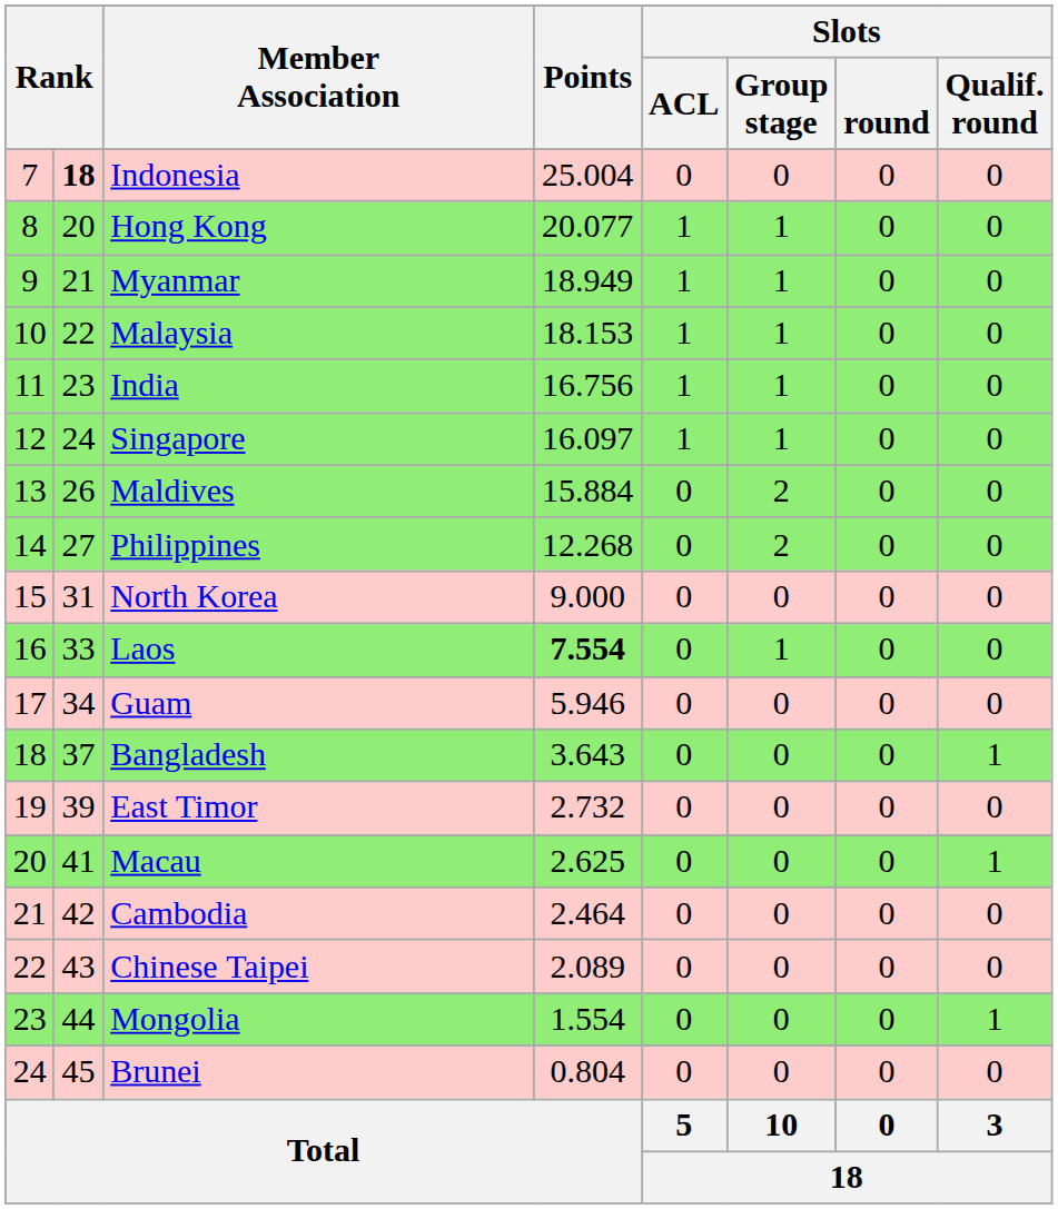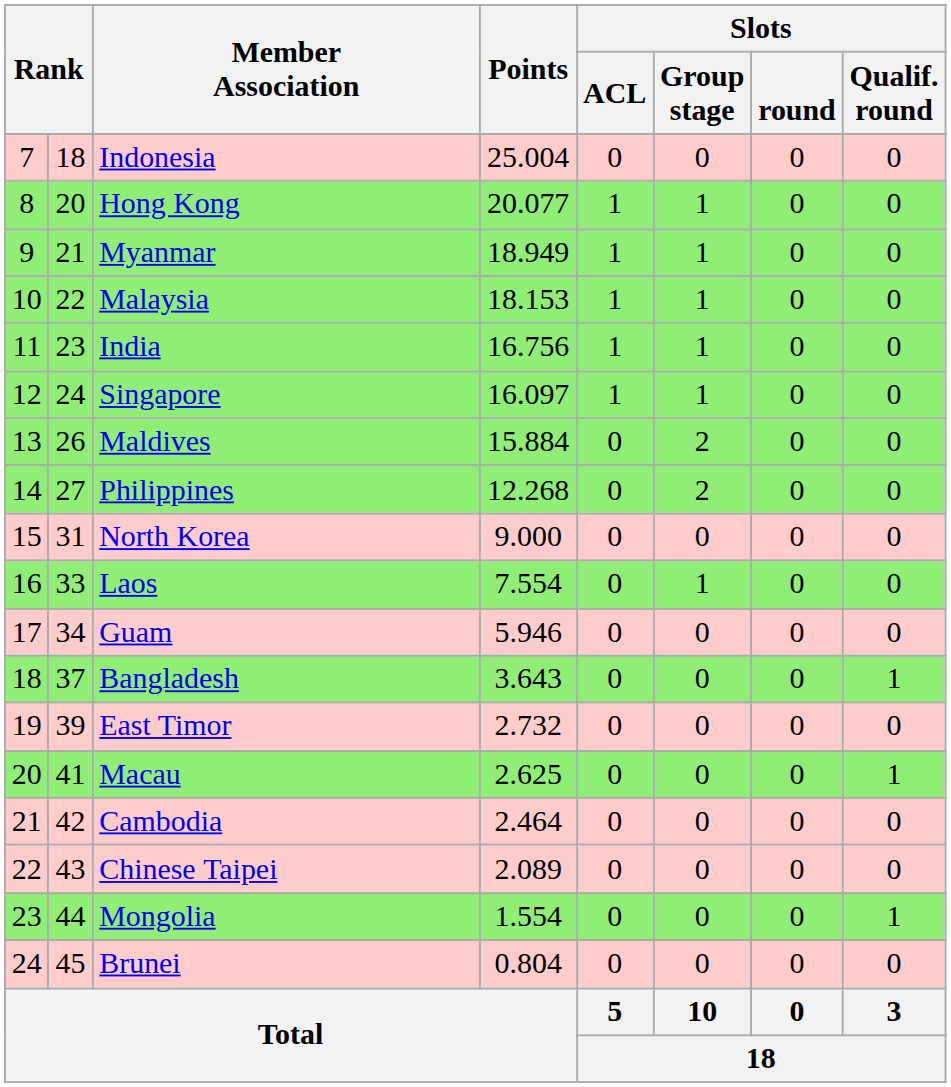 <table class="wikitable" style="text-align:center">
 <tr>
 </tr>
 <tr>
 <th colspan=2 rowspan=2>Rank</th>
 <th rowspan=2 width=200>Member<br>Association</th>
 <th rowspan=2>Points</th>
 <th colspan=4>Slots</th>
 </tr>
 <tr>
 <th>ACL<br></th>
 <th>Group<br>stage</th>
 <th><br>round</th>
 <th>Qualif.<br>round</th>
 </tr>
 <tr bgcolor=#ffcccc>
 <td>7</td>
-<td><strong>18</strong></td>
+<td>18</td>
 <td align=left> <a href='#'>Indonesia</a></td>
 <td>25.004</td>
 <td>0</td>
 <td>0</td>
 <td>0</td>
 <td>0</td>
 </tr>
 <tr bgcolor=#90ee77>
 <td>8</td>
 <td>20</td>
 <td align=left> <a href='#'>Hong Kong</a></td>
 <td>20.077</td>
 <td>1</td>
 <td>1</td>
 <td>0</td>
 <td>0</td>
 </tr>
 <tr bgcolor=#90ee77>
 <td>9</td>
 <td>21</td>
 <td align=left> <a href='#'>Myanmar</a></td>
 <td>18.949</td>
 <td>1</td>
 <td>1</td>
 <td>0</td>
 <td>0</td>
 </tr>
 <tr bgcolor=#90ee77>
 <td>10</td>
 <td>22</td>
 <td align=left> <a href='#'>Malaysia</a></td>
 <td>18.153</td>
 <td>1</td>
 <td>1</td>
 <td>0</td>
 <td>0</td>
 </tr>
 <tr bgcolor=#90ee77>
 <td>11</td>
 <td>23</td>
 <td align=left> <a href='#'>India</a></td>
 <td>16.756</td>
 <td>1</td>
 <td>1</td>
 <td>0</td>
 <td>0</td>
 </tr>
 <tr bgcolor=#90ee77>
 <td>12</td>
 <td>24</td>
 <td align=left> <a href='#'>Singapore</a></td>
 <td>16.097</td>
 <td>1</td>
 <td>1</td>
 <td>0</td>
 <td>0</td>
 </tr>
 <tr bgcolor=#90ee77>
 <td>13</td>
 <td>26</td>
 <td align=left> <a href='#'>Maldives</a></td>
 <td>15.884</td>
 <td>0</td>
 <td>2</td>
 <td>0</td>
 <td>0</td>
 </tr>
 <tr bgcolor=#90ee77>
 <td>14</td>
 <td>27</td>
 <td align=left> <a href='#'>Philippines</a></td>
 <td>12.268</td>
 <td>0</td>
 <td>2</td>
 <td>0</td>
 <td>0</td>
 </tr>
 <tr bgcolor=#ffcccc>
 <td>15</td>
 <td>31</td>
 <td align=left> <a href='#'>North Korea</a></td>
 <td>9.000</td>
 <td>0</td>
 <td>0</td>
 <td>0</td>
 <td>0</td>
 </tr>
 <tr bgcolor=#90ee77>
 <td>16</td>
 <td>33</td>
 <td align=left> <a href='#'>Laos</a></td>
-<td><strong>7.554</strong></td>
+<td>7.554</td>
 <td>0</td>
 <td>1</td>
 <td>0</td>
 <td>0</td>
 </tr>
 <tr bgcolor=#ffcccc>
 <td>17</td>
 <td>34</td>
 <td align=left> <a href='#'>Guam</a></td>
 <td>5.946</td>
 <td>0</td>
 <td>0</td>
 <td>0</td>
 <td>0</td>
 </tr>
 <tr bgcolor=#90ee77>
 <td>18</td>
 <td>37</td>
 <td align=left> <a href='#'>Bangladesh</a></td>
 <td>3.643</td>
 <td>0</td>
 <td>0</td>
 <td>0</td>
 <td>1</td>
 </tr>
 <tr bgcolor=#ffcccc>
 <td>19</td>
 <td>39</td>
 <td align=left> <a href='#'>East Timor</a></td>
 <td>2.732</td>
 <td>0</td>
 <td>0</td>
 <td>0</td>
 <td>0</td>
 </tr>
 <tr bgcolor=#90ee77>
 <td>20</td>
 <td>41</td>
 <td align=left> <a href='#'>Macau</a></td>
 <td>2.625</td>
 <td>0</td>
 <td>0</td>
 <td>0</td>
 <td>1</td>
 </tr>
 <tr bgcolor=#ffcccc>
 <td>21</td>
 <td>42</td>
 <td align=left> <a href='#'>Cambodia</a></td>
 <td>2.464</td>
 <td>0</td>
 <td>0</td>
 <td>0</td>
 <td>0</td>
 </tr>
 <tr bgcolor=#ffcccc>
 <td>22</td>
 <td>43</td>
 <td align=left> <a href='#'>Chinese Taipei</a></td>
 <td>2.089</td>
 <td>0</td>
 <td>0</td>
 <td>0</td>
 <td>0</td>
 </tr>
 <tr bgcolor=#90ee77>
 <td>23</td>
 <td>44</td>
 <td align=left> <a href='#'>Mongolia</a></td>
 <td>1.554</td>
 <td>0</td>
 <td>0</td>
 <td>0</td>
 <td>1</td>
 </tr>
 <tr bgcolor=#ffcccc>
 <td>24</td>
 <td>45</td>
 <td align=left> <a href='#'>Brunei</a></td>
 <td>0.804</td>
 <td>0</td>
 <td>0</td>
 <td>0</td>
 <td>0</td>
 </tr>
 <tr>
 <th colspan=4 rowspan=2>Total</th>
 <th>5</th>
 <th>10</th>
 <th>0</th>
 <th>3</th>
 </tr>
 <tr>
 <th colspan=4>18</th>
 </tr>
 </table>
